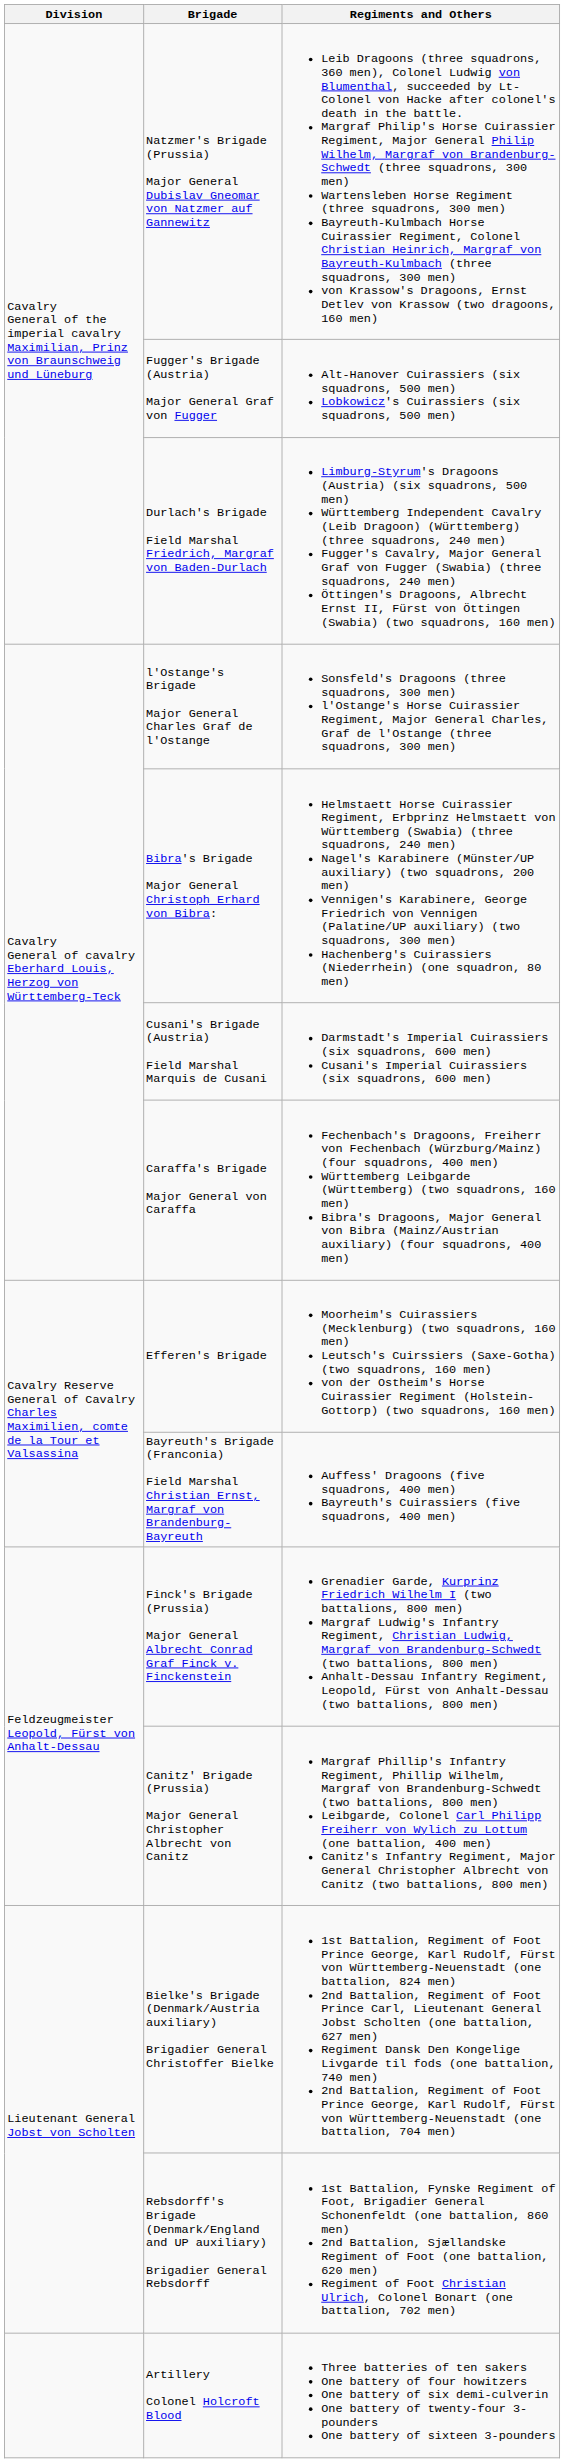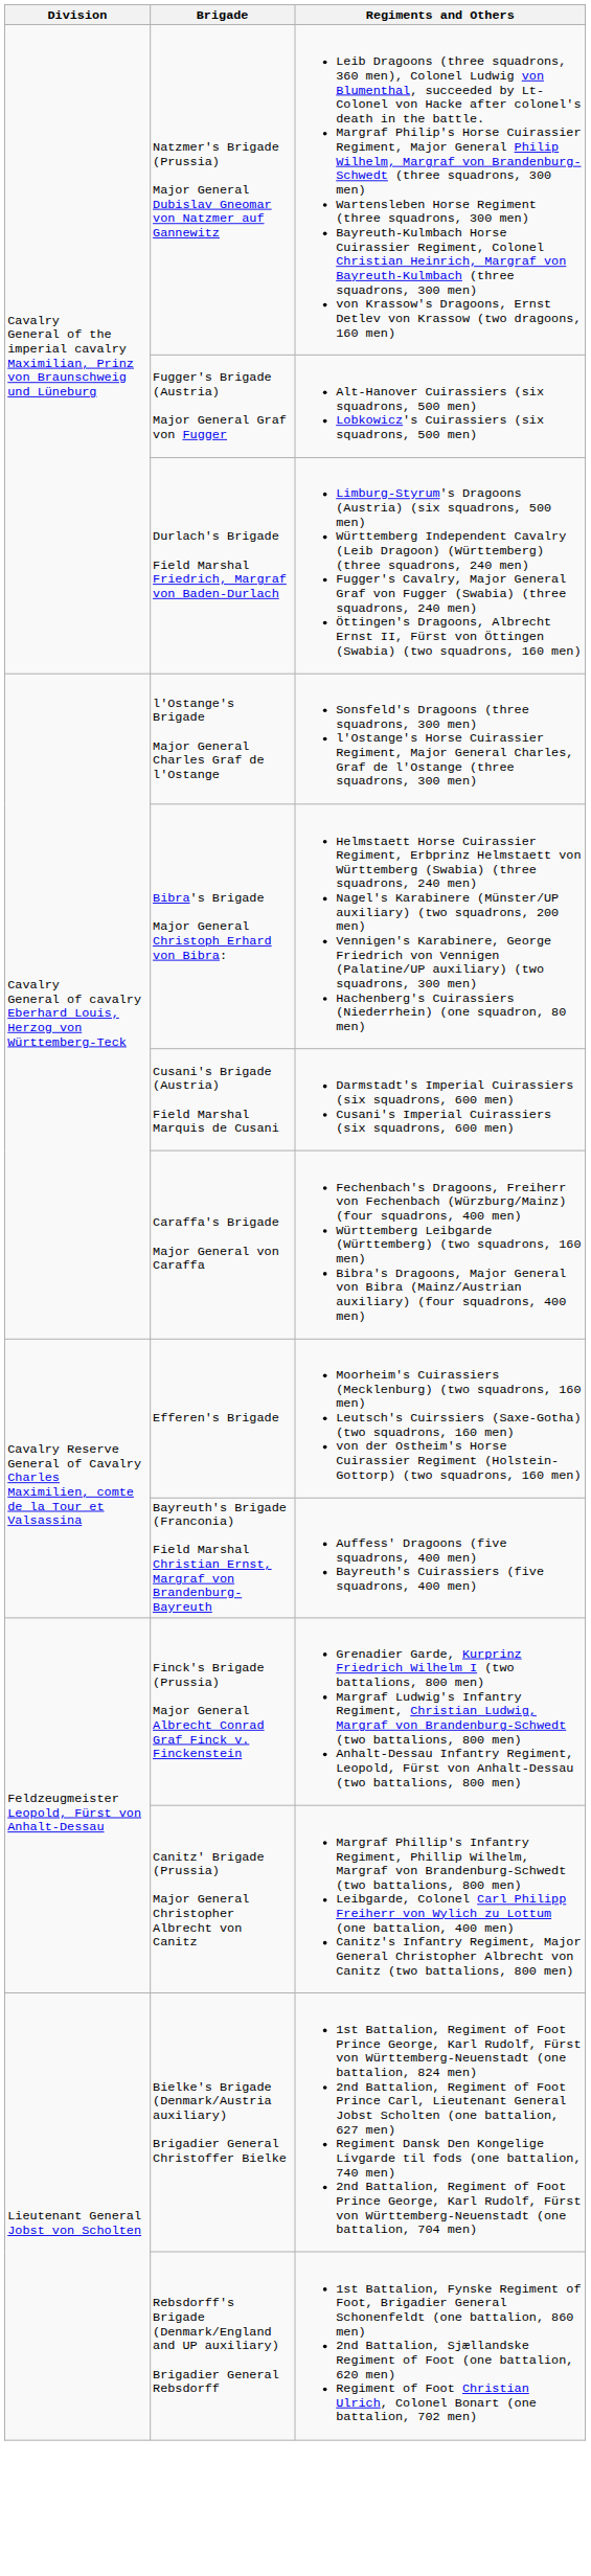 <table class="wikitable">
 <tr>
 <th width=25%>Division</th>
 <th width=25%>Brigade</th>
 <th>Regiments and Others</th>
 </tr>
 <tr>
 <td rowspan=3><br>Cavalry <br> General of the imperial cavalry <a href='#'>Maximilian, Prinz von Braunschweig und Lüneburg</a></td>
 <td>Natzmer's Brigade (Prussia)<br><br> Major General <a href='#'>Dubislav Gneomar von Natzmer auf Gannewitz</a></td>
 <td><br><ul><li>Leib Dragoons (three squadrons, 360 men), Colonel Ludwig <a href='#'>von Blumenthal</a>, succeeded by Lt-Colonel von Hacke after colonel's death in the battle.</li><li>Margraf Philip's Horse Cuirassier Regiment, Major General <a href='#'>Philip Wilhelm, Margraf von Brandenburg-Schwedt</a> (three squadrons, 300 men)</li><li>Wartensleben Horse Regiment (three squadrons, 300 men)</li><li>Bayreuth-Kulmbach Horse Cuirassier Regiment, Colonel <a href='#'>Christian Heinrich, Margraf von Bayreuth-Kulmbach</a> (three squadrons, 300 men)</li><li>von Krassow's Dragoons, Ernst Detlev von Krassow (two dragoons, 160 men)</li></ul></td>
 </tr>
 <tr>
 <td>Fugger's Brigade (Austria)<br><br> Major General Graf von <a href='#'>Fugger</a></td>
 <td><br><ul><li>Alt-Hanover Cuirassiers (six squadrons, 500 men)</li><li><a href='#'>Lobkowicz</a>'s Cuirassiers (six squadrons, 500 men)</li></ul></td>
 </tr>
 <tr>
 <td>Durlach's Brigade<br><br> Field Marshal <a href='#'>Friedrich, Margraf von Baden-Durlach</a></td>
 <td><br><ul><li><a href='#'>Limburg-Styrum</a>'s Dragoons (Austria) (six squadrons, 500 men)</li><li>Württemberg Independent Cavalry (Leib Dragoon) (Württemberg) (three squadrons, 240 men)</li><li>Fugger's Cavalry, Major General Graf von Fugger (Swabia) (three squadrons, 240 men)</li><li>Öttingen's Dragoons, Albrecht Ernst II, Fürst von Öttingen (Swabia) (two squadrons, 160 men)</li></ul></td>
 </tr>
 <tr>
 <td rowspan=4><br>Cavalry <br> General of cavalry <a href='#'>Eberhard Louis, Herzog von Württemberg-Teck</a></td>
 <td>l'Ostange's Brigade<br><br> Major General Charles Graf de l'Ostange</td>
 <td><br><ul><li>Sonsfeld's Dragoons (three squadrons, 300 men)</li><li>l'Ostange's Horse Cuirassier Regiment, Major General Charles, Graf de l'Ostange (three squadrons, 300 men)</li></ul></td>
 </tr>
 <tr>
 <td><a href='#'>Bibra</a>'s Brigade<br><br> Major General <a href='#'>Christoph Erhard von Bibra</a>:</td>
 <td><br><ul><li>Helmstaett Horse Cuirassier Regiment, Erbprinz Helmstaett von Württemberg (Swabia) (three squadrons, 240 men)</li><li>Nagel's Karabinere (Münster/UP auxiliary) (two squadrons, 200 men)</li><li>Vennigen's Karabinere, George Friedrich von Vennigen (Palatine/UP auxiliary) (two squadrons, 300 men)</li><li>Hachenberg's Cuirassiers (Niederrhein) (one squadron, 80 men)</li></ul></td>
 </tr>
 <tr>
 <td>Cusani's Brigade (Austria)<br><br> Field Marshal Marquis de Cusani</td>
 <td><br><ul><li>Darmstadt's Imperial Cuirassiers (six squadrons, 600 men)</li><li>Cusani's Imperial Cuirassiers (six squadrons, 600 men)</li></ul></td>
 </tr>
 <tr>
 <td>Caraffa's Brigade<br><br> Major General von Caraffa</td>
 <td><br><ul><li>Fechenbach's Dragoons, Freiherr von Fechenbach (Würzburg/Mainz) (four squadrons, 400 men)</li><li>Württemberg Leibgarde (Württemberg) (two squadrons, 160 men)</li><li>Bibra's Dragoons, Major General von Bibra (Mainz/Austrian auxiliary) (four squadrons, 400 men)</li></ul></td>
 </tr>
 <tr>
 <td rowspan=2><br>Cavalry Reserve <br> General of Cavalry <a href='#'>Charles Maximilien, comte de la Tour et Valsassina</a></td>
 <td>Efferen's Brigade</td>
 <td><br><ul><li>Moorheim's Cuirassiers (Mecklenburg) (two squadrons, 160 men)</li><li>Leutsch's Cuirssiers (Saxe-Gotha) (two squadrons, 160 men)</li><li>von der Ostheim's Horse Cuirassier Regiment (Holstein-Gottorp) (two squadrons, 160 men)</li></ul></td>
 </tr>
 <tr>
 <td>Bayreuth's Brigade (Franconia)<br><br> Field Marshal <a href='#'>Christian Ernst, Margraf von Brandenburg-Bayreuth</a></td>
 <td><br><ul><li>Auffess' Dragoons (five squadrons, 400 men)</li><li>Bayreuth's Cuirassiers (five squadrons, 400 men)</li></ul></td>
 </tr>
 <tr>
 <td rowspan=2><br>Feldzeugmeister <a href='#'>Leopold, Fürst von Anhalt-Dessau</a></td>
 <td>Finck's Brigade (Prussia)<br><br> Major General <a href='#'>Albrecht Conrad Graf Finck v. Finckenstein</a></td>
 <td><br><ul><li>Grenadier Garde, <a href='#'>Kurprinz Friedrich Wilhelm I</a> (two battalions, 800 men)</li><li>Margraf Ludwig's Infantry Regiment, <a href='#'>Christian Ludwig, Margraf von Brandenburg-Schwedt</a> (two battalions, 800 men)</li><li>Anhalt-Dessau Infantry Regiment, Leopold, Fürst von Anhalt-Dessau (two battalions, 800 men)</li></ul></td>
 </tr>
 <tr>
 <td>Canitz' Brigade (Prussia)<br><br> Major General Christopher Albrecht von Canitz</td>
 <td><br><ul><li>Margraf Phillip's Infantry Regiment, Phillip Wilhelm, Margraf von Brandenburg-Schwedt (two battalions, 800 men)</li><li>Leibgarde, Colonel <a href='#'>Carl Philipp Freiherr von Wylich zu Lottum</a> (one battalion, 400 men)</li><li>Canitz's Infantry Regiment, Major General Christopher Albrecht von Canitz (two battalions, 800 men)</li></ul></td>
 </tr>
 <tr>
 <td rowspan=2><br>Lieutenant General <a href='#'>Jobst von Scholten</a></td>
 <td>Bielke's Brigade (Denmark/Austria auxiliary)<br><br> Brigadier General Christoffer Bielke</td>
 <td><br><ul><li>1st Battalion, Regiment of Foot Prince George, Karl Rudolf, Fürst von Württemberg-Neuenstadt (one battalion, 824 men)</li><li>2nd Battalion, Regiment of Foot Prince Carl, Lieutenant General Jobst Scholten (one battalion, 627 men)</li><li>Regiment Dansk Den Kongelige Livgarde til fods (one battalion, 740 men)</li><li>2nd Battalion, Regiment of Foot Prince George, Karl Rudolf, Fürst von Württemberg-Neuenstadt (one battalion, 704 men)</li></ul></td>
 </tr>
 <tr>
 <td>Rebsdorff's Brigade (Denmark/England and UP auxiliary)<br><br> Brigadier General Rebsdorff</td>
 <td><br><ul><li>1st Battalion, Fynske Regiment of Foot, Brigadier General Schonenfeldt (one battalion, 860 men)</li><li>2nd Battalion, Sjællandske Regiment of Foot (one battalion, 620 men)</li><li>Regiment of Foot <a href='#'>Christian Ulrich</a>, Colonel Bonart (one battalion, 702 men)</li></ul></td>
 </tr>
-<tr>
-<td></td>
-<td>Artillery<br><br> Colonel <a href='#'>Holcroft Blood</a></td>
-<td><br><ul><li>Three batteries of ten sakers</li><li>One battery of four howitzers</li><li>One battery of six demi-culverin</li><li>One battery of twenty-four 3-pounders</li><li>One battery of sixteen 3-pounders</li></ul></td>
-</tr>
 </table>
